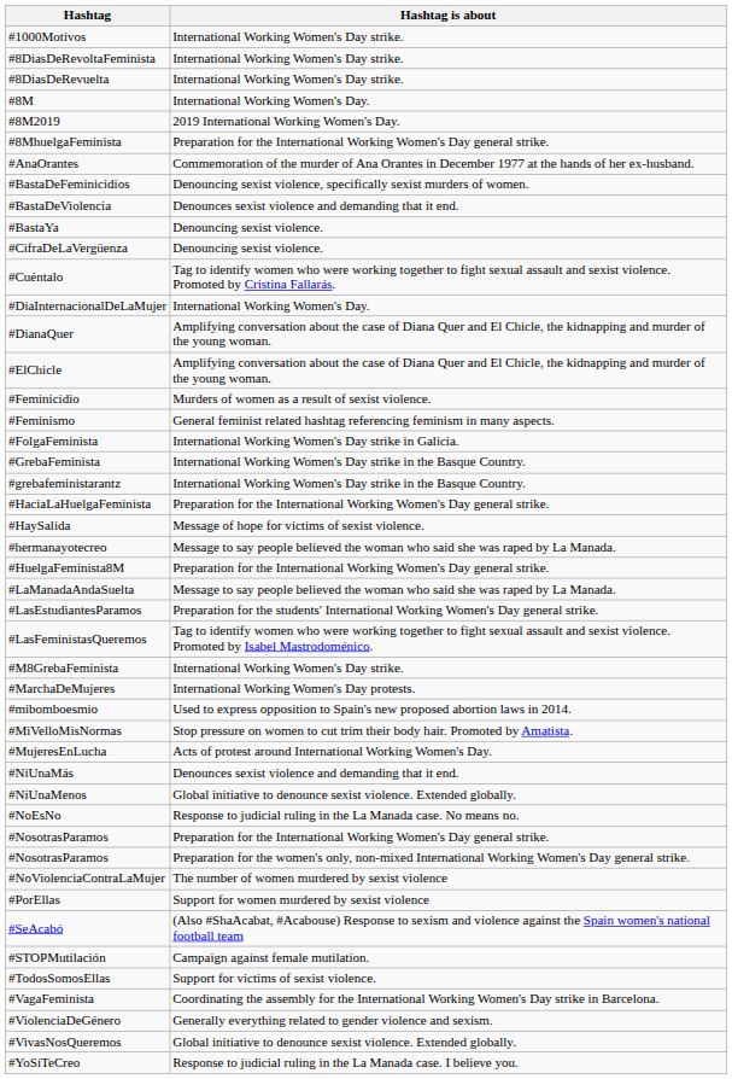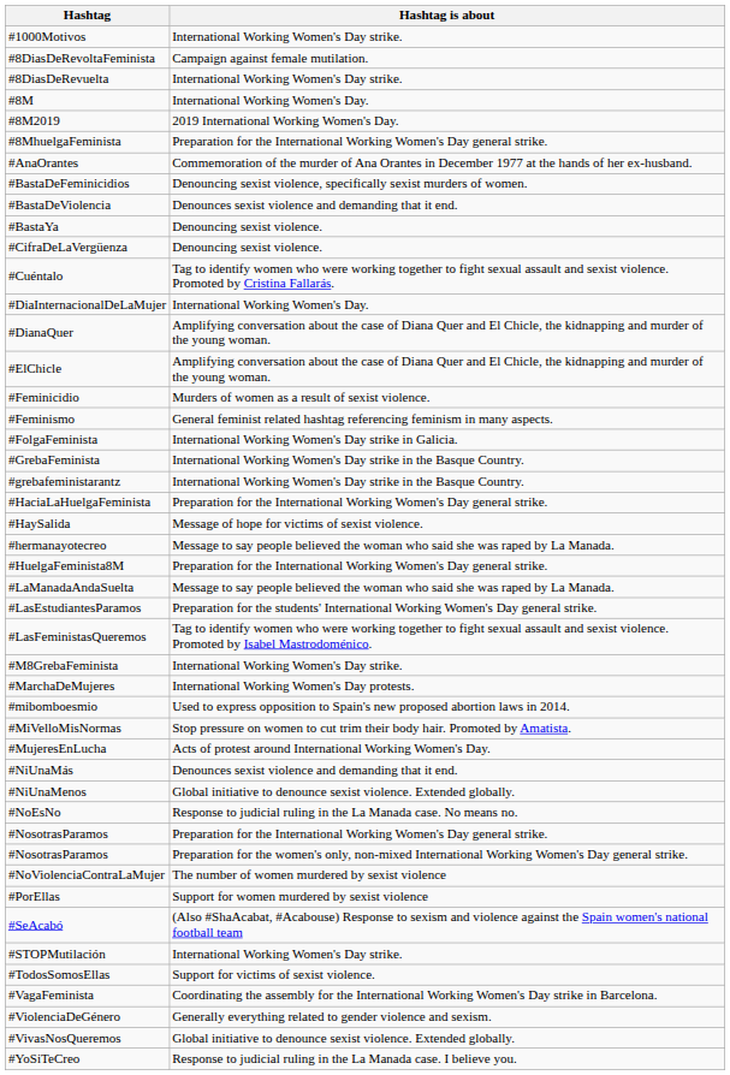 <table class="wikitable sortable">
 <tr>
 <th><strong>Hashtag</strong></th>
 <th><strong>Hashtag is about</strong></th>
 </tr>
 <tr>
 <td>#1000Motivos</td>
 <td>International Working Women's Day strike.</td>
 </tr>
 <tr>
 <td>#8DiasDeRevoltaFeminista</td>
-<td>International Working Women's Day strike.</td>
+<td>Campaign against female mutilation.</td>
 </tr>
 <tr>
 <td>#8DiasDeRevuelta</td>
 <td>International Working Women's Day strike.</td>
 </tr>
 <tr>
 <td>#8M</td>
 <td>International Working Women's Day.</td>
 </tr>
 <tr>
 <td>#8M2019</td>
 <td>2019 International Working Women's Day.</td>
 </tr>
 <tr>
 <td>#8MhuelgaFeminista</td>
 <td>Preparation for the International Working Women's Day general strike.</td>
 </tr>
 <tr>
 <td>#AnaOrantes</td>
 <td>Commemoration of the murder of Ana Orantes in December 1977 at the hands of her ex-husband.</td>
 </tr>
 <tr>
 <td>#BastaDeFeminicidios</td>
 <td>Denouncing sexist violence, specifically sexist murders of women.</td>
 </tr>
 <tr>
 <td>#BastaDeViolencia</td>
 <td>Denounces sexist violence and demanding that it end.</td>
 </tr>
 <tr>
 <td>#BastaYa</td>
 <td>Denouncing sexist violence.</td>
 </tr>
 <tr>
 <td>#CifraDeLaVergüenza</td>
 <td>Denouncing sexist violence.</td>
 </tr>
 <tr>
 <td>#Cuéntalo</td>
 <td>Tag to identify women who were working together to fight sexual assault and sexist violence.  Promoted by <a href='#'>Cristina Fallarás</a>.</td>
 </tr>
 <tr>
 <td>#DiaInternacionalDeLaMujer</td>
 <td>International Working Women's Day.</td>
 </tr>
 <tr>
 <td>#DianaQuer</td>
 <td>Amplifying conversation about the case of Diana Quer and El Chicle, the kidnapping and murder of the young woman.</td>
 </tr>
 <tr>
 <td>#ElChicle</td>
 <td>Amplifying conversation about the case of Diana Quer and El Chicle, the kidnapping and murder of the young woman.</td>
 </tr>
 <tr>
 <td>#Feminicidio</td>
 <td>Murders of women as a result of sexist violence.</td>
 </tr>
 <tr>
 <td>#Feminismo</td>
 <td>General feminist related hashtag referencing feminism in many aspects.</td>
 </tr>
 <tr>
 <td>#FolgaFeminista</td>
 <td>International Working Women's Day strike in Galicia.</td>
 </tr>
 <tr>
 <td>#GrebaFeminista</td>
 <td>International Working Women's Day strike in the Basque Country.</td>
 </tr>
 <tr>
 <td>#grebafeministarantz</td>
 <td>International Working Women's Day strike in the Basque Country.</td>
 </tr>
 <tr>
 <td>#HaciaLaHuelgaFeminista</td>
 <td>Preparation for the International Working Women's Day general strike.</td>
 </tr>
 <tr>
 <td>#HaySalida</td>
 <td>Message of hope for victims of sexist violence.</td>
 </tr>
 <tr>
 <td>#hermanayotecreo</td>
 <td>Message to say people believed the woman who said she was raped by La Manada.</td>
 </tr>
 <tr>
 <td>#HuelgaFeminista8M</td>
 <td>Preparation for the International Working Women's Day general strike.</td>
 </tr>
 <tr>
 <td>#LaManadaAndaSuelta</td>
 <td>Message to say people believed the woman who said she was raped by La Manada.</td>
 </tr>
 <tr>
 <td>#LasEstudiantesParamos</td>
 <td>Preparation for the students' International Working Women's Day general strike.</td>
 </tr>
 <tr>
 <td>#LasFeministasQueremos</td>
 <td>Tag to identify women who were working together to fight sexual assault and sexist violence.  Promoted by <a href='#'>Isabel Mastrodoménico</a>.</td>
 </tr>
 <tr>
 <td>#M8GrebaFeminista</td>
 <td>International Working Women's Day strike.</td>
 </tr>
 <tr>
 <td>#MarchaDeMujeres</td>
 <td>International Working Women's Day protests.</td>
 </tr>
 <tr>
 <td>#mibomboesmio</td>
 <td>Used to express opposition to Spain's new proposed abortion laws in 2014.</td>
 </tr>
 <tr>
 <td>#MiVelloMisNormas</td>
 <td>Stop pressure on women to cut trim their body hair. Promoted by <a href='#'>Amatista</a>.</td>
 </tr>
 <tr>
 <td>#MujeresEnLucha</td>
 <td>Acts of protest around International Working Women's Day.</td>
 </tr>
 <tr>
 <td>#NiUnaMás</td>
 <td>Denounces sexist violence and demanding that it end.</td>
 </tr>
 <tr>
 <td>#NiUnaMenos</td>
 <td>Global initiative to denounce sexist violence. Extended globally.</td>
 </tr>
 <tr>
 <td>#NoEsNo</td>
 <td>Response to judicial ruling in the La Manada case. No means no.</td>
 </tr>
 <tr>
 <td>#NosotrasParamos</td>
 <td>Preparation for the International Working Women's Day general strike.</td>
 </tr>
 <tr>
 <td>#NosotrasParamos</td>
 <td>Preparation for the women's only, non-mixed International Working Women's Day general strike.</td>
 </tr>
 <tr>
 <td>#NoViolenciaContraLaMujer</td>
 <td>The number of women murdered by sexist violence</td>
 </tr>
 <tr>
 <td>#PorEllas</td>
 <td>Support for women murdered by sexist violence</td>
 </tr>
 <tr>
 <td><a href='#'>#SeAcabó</a></td>
 <td>(Also #ShaAcabat, #Acabouse) Response to sexism and violence against the <a href='#'>Spain women's national football team</a></td>
 </tr>
 <tr>
 <td>#STOPMutilación</td>
-<td>Campaign against female mutilation.</td>
+<td>International Working Women's Day strike.</td>
 </tr>
 <tr>
 <td>#TodosSomosEllas</td>
 <td>Support for victims of sexist violence.</td>
 </tr>
 <tr>
 <td>#VagaFeminista</td>
 <td>Coordinating the assembly for the International Working Women's Day strike in Barcelona.</td>
 </tr>
 <tr>
 <td>#ViolenciaDeGénero</td>
 <td>Generally everything related to gender violence and sexism.</td>
 </tr>
 <tr>
 <td>#VivasNosQueremos</td>
 <td>Global initiative to denounce sexist violence. Extended globally.</td>
 </tr>
 <tr>
 <td>#YoSiTeCreo</td>
 <td>Response to judicial ruling in the La Manada case. I believe you.</td>
 </tr>
 </table>
